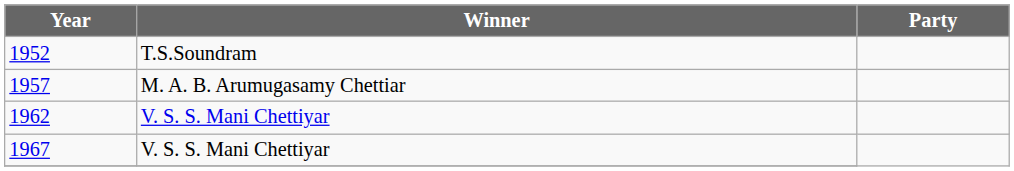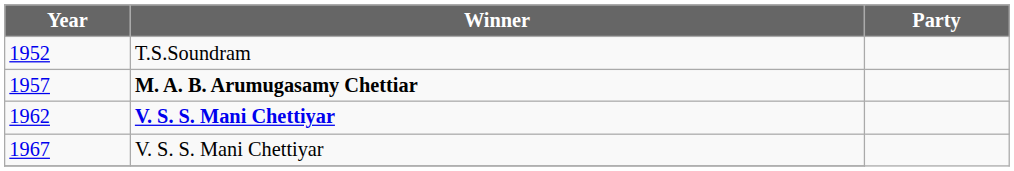 <table class="wikitable sortable" width="50%">
 <tr>
 <th style="background-color:#666666; color:white">Year</th>
 <th style="background-color:#666666; color:white">Winner</th>
 <th style="background-color:#666666; color:white" colspan="2">Party</th>
 </tr>
 <tr>
 <td><a href='#'>1952</a></td>
 <td>T.S.Soundram</td>
 <td></td>
 </tr>
 <tr>
 <td><a href='#'>1957</a></td>
-<td>M. A. B. Arumugasamy Chettiar</td>
+<td><strong>M. A. B. Arumugasamy Chettiar</strong></td>
 </tr>
 <tr>
 <td><a href='#'>1962</a></td>
-<td><a href='#'>V. S. S. Mani Chettiyar</a></td>
+<td><strong><a href='#'>V. S. S. Mani Chettiyar</a></strong></td>
 <td></td>
 </tr>
 <tr>
 <td><a href='#'>1967</a></td>
 <td>V. S. S. Mani Chettiyar</td>
 </tr>
 <tr>
 </tr>
 </table>
